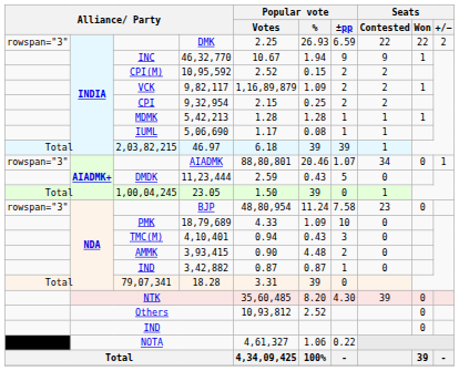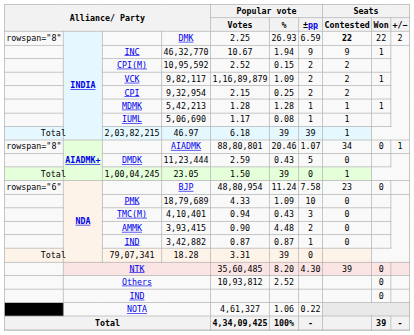 <table class="wikitable sortable" style="text-align:center;">
 <tr>
 <th colspan="4" rowspan="2">Alliance/ Party</th>
 <th colspan="3">Popular vote</th>
 <th colspan="3">Seats</th>
 </tr>
 <tr>
 <th>Votes</th>
 <th>%</th>
 <th>±<a href='#'>pp</a></th>
 <th>Contested</th>
 <th>Won</th>
 <th><strong>+/−</strong></th>
 </tr>
 <tr>
-<td>rowspan="3" </td>
+<td>rowspan="8" </td>
 <th rowspan="8"style="background:#E5F8FF"><a href='#'>INDIA</a></th>
 <td></td>
 <td><a href='#'>DMK</a></td>
 <td>2.25</td>
 <td>26.93</td>
 <td>6.59</td>
-<td>22</td>
+<td><strong>22</strong></td>
 <td>22</td>
 <td>2</td>
 </tr>
 <tr>
 <td></td>
 <td><a href='#'>INC</a></td>
 <td>46,32,770</td>
 <td>10.67</td>
 <td>1.94</td>
 <td>9</td>
 <td>9</td>
 <td>1</td>
 </tr>
 <tr>
 <td></td>
 <td><a href='#'>CPI(M)</a></td>
 <td>10,95,592</td>
 <td>2.52</td>
 <td>0.15</td>
 <td>2</td>
 <td>2</td>
 <td></td>
 </tr>
 <tr>
 <td></td>
 <td><a href='#'>VCK</a></td>
 <td>9,82,117</td>
 <td>1,16,89,879</td>
 <td>1.09</td>
 <td>2</td>
 <td>2</td>
 <td>1</td>
 </tr>
 <tr>
 <td></td>
 <td><a href='#'>CPI</a></td>
 <td>9,32,954</td>
 <td>2.15</td>
 <td>0.25</td>
 <td>2</td>
 <td>2</td>
 <td></td>
 </tr>
 <tr>
 <td></td>
 <td><a href='#'>MDMK</a></td>
 <td>5,42,213</td>
 <td>1.28</td>
 <td>1.28</td>
 <td>1</td>
 <td>1</td>
 <td>1</td>
 </tr>
 <tr>
 <td></td>
 <td><a href='#'>IUML</a></td>
 <td>5,06,690</td>
 <td>1.17</td>
 <td>0.08</td>
 <td>1</td>
 <td>1</td>
 <td></td>
 </tr>
 <tr>
 <td colspan="2"style="background:#E5F8FF">Total</td>
 <td style="background:#E5F8FF">2,03,82,215</td>
 <td style="background:#E5F8FF">46.97</td>
 <td style="background:#E5F8FF">6.18</td>
 <td style="background:#E5F8FF">39</td>
 <td style="background:#E5F8FF">39</td>
 <td style="background:#E5F8FF">1</td>
 </tr>
 <tr>
-<td>rowspan="3" </td>
+<td>rowspan="8" </td>
 <th rowspan="3"style="background:#E5FFDA"><a href='#'>AIADMK+</a></th>
 <td></td>
 <td><a href='#'>AIADMK</a></td>
 <td>88,80,801</td>
 <td>20.46</td>
 <td>1.07</td>
 <td>34</td>
 <td>0</td>
 <td>1</td>
 </tr>
 <tr>
 <td></td>
 <td><a href='#'>DMDK</a></td>
 <td>11,23,444</td>
 <td>2.59</td>
 <td>0.43</td>
 <td>5</td>
 <td>0</td>
 <td></td>
 </tr>
 <tr>
 <td colspan="2"style="background:#E5FFDA">Total</td>
 <td style="background:#E5FFDA">1,00,04,245</td>
 <td style="background:#E5FFDA">23.05</td>
 <td style="background:#E5FFDA">1.50</td>
 <td style="background:#E5FFDA">39</td>
 <td style="background:#E5FFDA">0</td>
 <td style="background:#E5FFDA">1</td>
 </tr>
 <tr>
-<td>rowspan="3" </td>
+<td>rowspan="6" </td>
 <th rowspan="6"style="background:#fef3e8"><a href='#'>NDA</a></th>
 <td></td>
 <td><a href='#'>BJP</a></td>
 <td>48,80,954</td>
 <td>11.24</td>
 <td>7.58</td>
 <td>23</td>
 <td>0</td>
 <td></td>
 </tr>
 <tr>
 <td></td>
 <td><a href='#'>PMK</a></td>
 <td>18,79,689</td>
 <td>4.33</td>
 <td>1.09</td>
 <td>10</td>
 <td>0</td>
 <td></td>
 </tr>
 <tr>
 <td></td>
 <td><a href='#'>TMC(M)</a></td>
 <td>4,10,401</td>
 <td>0.94</td>
 <td>0.43</td>
 <td>3</td>
 <td>0</td>
 <td></td>
 </tr>
 <tr>
 <td></td>
 <td><a href='#'>AMMK</a></td>
 <td>3,93,415</td>
 <td>0.90</td>
 <td>4.48</td>
 <td>2</td>
 <td>0</td>
 <td></td>
 </tr>
 <tr>
 <td></td>
 <td><a href='#'>IND</a></td>
 <td>3,42,882</td>
 <td>0.87</td>
 <td>0.87</td>
 <td>1</td>
 <td>0</td>
 <td></td>
 </tr>
 <tr>
 <td colspan="2"style="background:#fef3e8">Total</td>
 <td style="background:#fef3e8">79,07,341</td>
 <td style="background:#fef3e8">18.28</td>
 <td style="background:#fef3e8">3.31</td>
 <td style="background:#fef3e8">39</td>
 <td style="background:#fef3e8">0</td>
 <td style="background:#fef3e8"></td>
 </tr>
 <tr>
 <td></td>
 <td colspan="3"style="background:#FAE4E4"><a href='#'>NTK</a></td>
 <td style="background:#FAE4E4">35,60,485</td>
 <td style="background:#FAE4E4">8.20</td>
 <td style="background:#FAE4E4">4.30</td>
 <td style="background:#FAE4E4">39</td>
 <td style="background:#FAE4E4">0</td>
 <td style="background:#FAE4E4"></td>
 </tr>
 <tr>
 <td></td>
 <td colspan="3"><a href='#'>Others</a></td>
 <td>10,93,812</td>
 <td>2.52</td>
 <td></td>
 <td></td>
 <td>0</td>
 <td></td>
 </tr>
 <tr>
 <td></td>
 <td colspan="3"><a href='#'>IND</a></td>
 <td></td>
 <td></td>
 <td></td>
 <td></td>
 <td>0</td>
 <td></td>
 </tr>
 <tr>
 <td bgcolor="Black"></td>
 <td colspan="3"><a href='#'>NOTA</a></td>
 <td>4,61,327</td>
 <td>1.06</td>
 <td>0.22</td>
 <th colspan="3" style="background-color:#E9E9E9"></th>
 </tr>
 <tr>
 <th colspan="4">Total</th>
 <th>4,34,09,425</th>
 <th>100%</th>
 <th>-</th>
 <th></th>
 <th>39</th>
 <th>-</th>
 </tr>
 <tr>
 </tr>
 </table>
